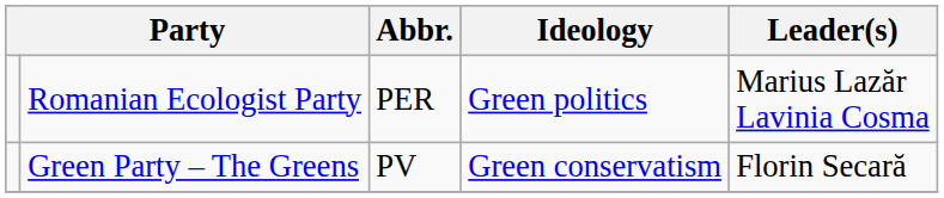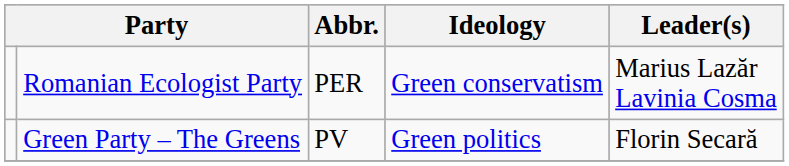 <table class="wikitable" style="text-align:left">
 <tr>
 <th colspan="2">Party</th>
 <th>Abbr.</th>
 <th>Ideology</th>
 <th>Leader(s)</th>
 </tr>
 <tr>
 <td></td>
 <td><a href='#'>Romanian Ecologist Party</a></td>
 <td>PER</td>
-<td><a href='#'>Green politics</a></td>
+<td><a href='#'>Green conservatism</a></td>
 <td>Marius Lazăr <br> <a href='#'>Lavinia Cosma</a></td>
 </tr>
 <tr>
 <td></td>
 <td><a href='#'>Green Party – The Greens</a></td>
 <td>PV</td>
-<td><a href='#'>Green conservatism</a></td>
+<td><a href='#'>Green politics</a></td>
 <td>Florin Secară</td>
 </tr>
 <tr>
 </tr>
 </table>
